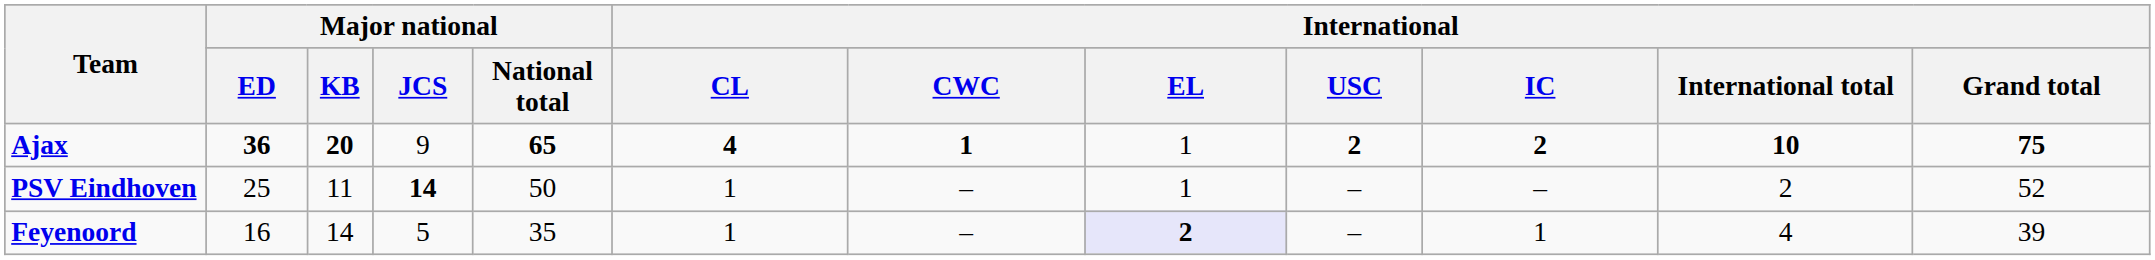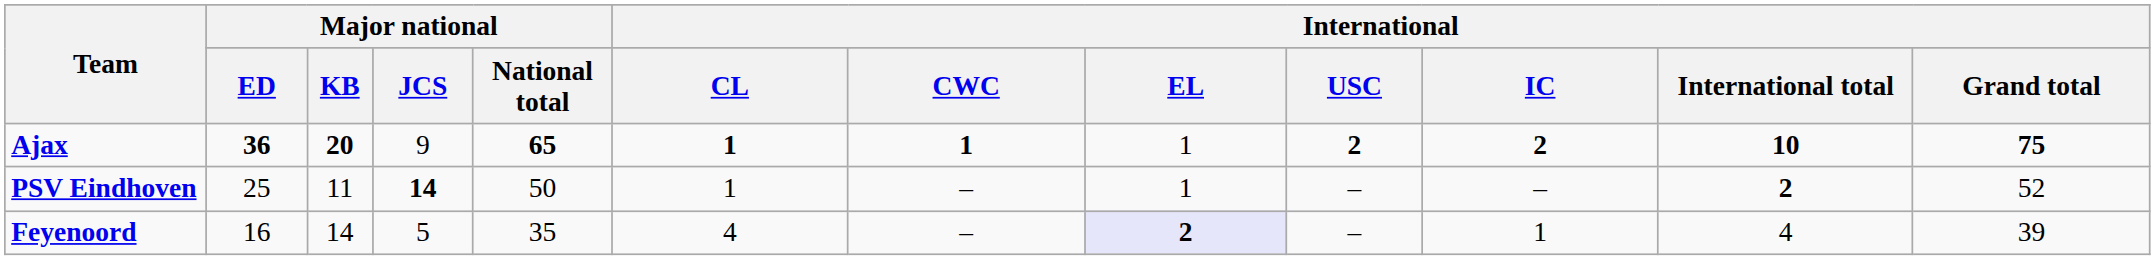 <table class="wikitable sortable">
 <tr>
 <th rowspan="2" style="width:5%;">Team</th>
 <th colspan="4" style="width:17%;">Major national</th>
 <th colspan="7" style="width:19%;">International</th>
 </tr>
 <tr>
 <th style="width:3%;" class="sortable"><a href='#'>ED</a></th>
 <th style="width:1%;" class="sortable"><a href='#'>KB</a></th>
 <th style="width:3%;" class="sortable"><a href='#'>JCS</a></th>
 <th style="width:2%;" class="sortable">National total</th>
 <th style="width:7%;" class="sortable"><a href='#'>CL</a></th>
 <th style="width:7%;" class="sortable"><a href='#'>CWC</a></th>
 <th style="width:6%;" class="sortable"><a href='#'>EL</a></th>
 <th style="width:4%;" class="sortable"><a href='#'>USC</a></th>
 <th style="width:7%;" class="sortable"><a href='#'>IC</a></th>
 <th style="width:7%;" class="sortable">International total</th>
 <th style="width:7%;" class="sortable">Grand total</th>
 </tr>
 <tr>
 <td><strong><a href='#'>Ajax</a></strong></td>
 <td align=center><strong>36</strong></td>
 <td align=center><strong>20</strong></td>
 <td align=center>9</td>
 <td align=center><strong>65</strong></td>
-<td align=center><strong>4</strong></td>
+<td align=center><strong>1</strong></td>
 <td align=center><strong>1</strong></td>
 <td align=center>1</td>
 <td align=center><strong>2</strong></td>
 <td align=center><strong>2</strong></td>
 <td align=center><strong>10</strong></td>
 <td align=center><strong>75</strong></td>
 </tr>
 <tr>
 <td><strong><a href='#'>PSV Eindhoven</a></strong></td>
 <td align=center>25</td>
 <td align=center>11</td>
 <td align=center><strong>14</strong></td>
 <td align=center>50</td>
 <td align=center>1</td>
 <td align=center>–</td>
 <td align=center>1</td>
 <td align=center>–</td>
 <td align=center>–</td>
-<td align=center>2</td>
+<td align=center><strong>2</strong></td>
 <td align=center>52</td>
 </tr>
 <tr>
 <td><strong><a href='#'>Feyenoord</a></strong></td>
 <td align=center>16</td>
 <td align=center>14</td>
 <td align=center>5</td>
 <td align=center>35</td>
-<td align=center>1</td>
+<td align=center>4</td>
 <td align=center>–</td>
 <td align=center style="background: lavender;"><strong>2</strong></td>
 <td align=center>–</td>
 <td align=center>1</td>
 <td align=center>4</td>
 <td align=center>39</td>
 </tr>
 </table>
